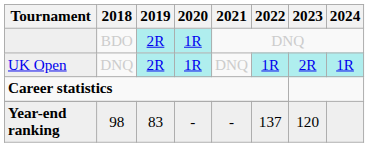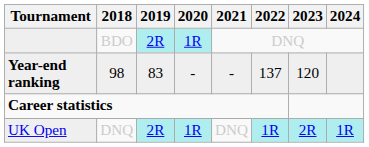 <table class="wikitable" style="width:30%; margin:0">
 <tr>
 <th>Tournament</th>
 <th>2018</th>
 <th>2019</th>
 <th>2020</th>
 <th>2021</th>
 <th>2022</th>
 <th>2023</th>
 <th>2024</th>
 </tr>
 <tr>
 <td style="background:#efefef;"></td>
 <td style="text-align:center; color:#ccc;">BDO</td>
 <td style="text-align:center; background:#afeeee;"><a href='#'>2R</a></td>
 <td style="text-align:center; background:#afeeee;"><a href='#'>1R</a></td>
 <td colspan="4" style="text-align:center; color:#ccc;">DNQ</td>
 </tr>
+<tr bgcolor="efefef">
+<td align="left"><strong>Year-end ranking</strong></td>
+<td style="text-align:center;">98</td>
+<td style="text-align:center;">83</td>
+<td style="text-align:center;">-</td>
+<td style="text-align:center;">-</td>
+<td style="text-align:center;">137</td>
+<td style="text-align:center;">120</td>
+<td></td>
+</tr>
+<tr>
+<td colspan="6" align="left"><strong>Career statistics</strong></td>
+</tr>
+<tr>
+</tr>
 <tr>
 <td style="background:#efefef;"><a href='#'>UK Open</a></td>
 <td style="text-align:center; color:#ccc;">DNQ</td>
 <td style="text-align:center; background:#afeeee;"><a href='#'>2R</a></td>
 <td style="text-align:center; background:#afeeee;"><a href='#'>1R</a></td>
 <td style="text-align:center; color:#ccc;">DNQ</td>
 <td style="text-align:center; background:#afeeee;"><a href='#'>1R</a></td>
 <td style="text-align:center; background:#afeeee;"><a href='#'>2R</a></td>
 <td style="text-align:center; background:#afeeee;"><a href='#'>1R</a></td>
 </tr>
-<tr>
-<td colspan="6" align="left"><strong>Career statistics</strong></td>
-</tr>
-<tr>
-</tr>
-<tr bgcolor="efefef">
-<td align="left"><strong>Year-end ranking</strong></td>
-<td style="text-align:center;">98</td>
-<td style="text-align:center;">83</td>
-<td style="text-align:center;">-</td>
-<td style="text-align:center;">-</td>
-<td style="text-align:center;">137</td>
-<td style="text-align:center;">120</td>
-<td></td>
-</tr>
 </table>
